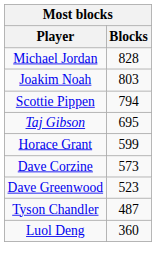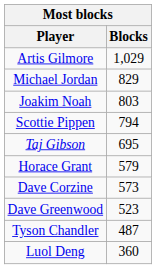 <table class="wikitable sortable" style="text-align:center">
 <tr>
 <th colspan="2" style="text-align:center; ">Most blocks</th>
 </tr>
 <tr>
 <th style="text-align:center; ">Player</th>
 <th style="text-align:center; ">Blocks</th>
 </tr>
 <tr>
+<td><a href='#'>Artis Gilmore</a></td>
+<td>1,029</td>
+</tr>
+<tr>
 <td><a href='#'>Michael Jordan</a></td>
-<td>828</td>
+<td>829</td>
 </tr>
 <tr>
 <td><a href='#'>Joakim Noah</a></td>
 <td>803</td>
 </tr>
 <tr>
 <td><a href='#'>Scottie Pippen</a></td>
 <td>794</td>
 </tr>
 <tr>
 <td><em><a href='#'>Taj Gibson</a></em></td>
 <td>695</td>
 </tr>
 <tr>
 <td><a href='#'>Horace Grant</a></td>
-<td>599</td>
+<td>579</td>
 </tr>
 <tr>
 <td><a href='#'>Dave Corzine</a></td>
 <td>573</td>
 </tr>
 <tr>
 <td><a href='#'>Dave Greenwood</a></td>
 <td>523</td>
 </tr>
 <tr>
 <td><a href='#'>Tyson Chandler</a></td>
 <td>487</td>
 </tr>
 <tr>
 <td><a href='#'>Luol Deng</a></td>
 <td>360</td>
 </tr>
 </table>
